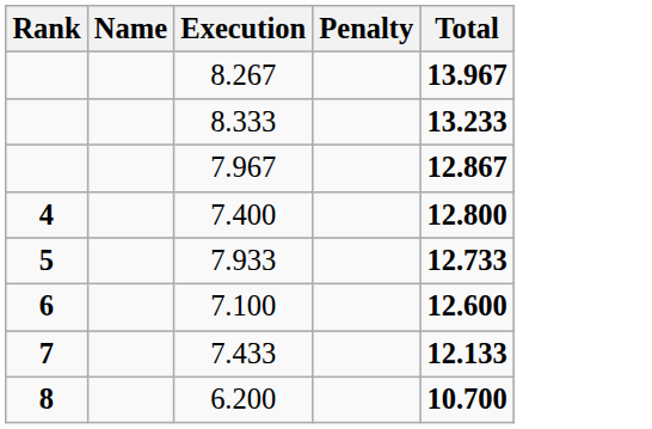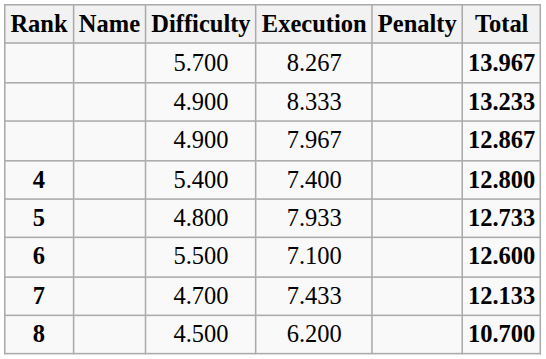 <table class="wikitable sortable" style="text-align:center">
 <tr>
 <th>Rank</th>
 <th>Name</th>
+<th>Difficulty</th>
 <th>Execution</th>
 <th>Penalty</th>
 <th>Total</th>
 </tr>
 <tr>
 <td></td>
 <td align="left"></td>
+<td>5.700</td>
 <td>8.267</td>
 <td></td>
 <td><strong>13.967</strong></td>
 </tr>
 <tr>
 <td></td>
 <td align="left"></td>
+<td>4.900</td>
 <td>8.333</td>
 <td></td>
 <td><strong>13.233</strong></td>
 </tr>
 <tr>
 <td></td>
 <td align="left"></td>
+<td>4.900</td>
 <td>7.967</td>
 <td></td>
 <td><strong>12.867</strong></td>
 </tr>
 <tr>
 <td><strong>4</strong></td>
 <td align="left"></td>
+<td>5.400</td>
 <td>7.400</td>
 <td></td>
 <td><strong>12.800</strong></td>
 </tr>
 <tr>
 <td><strong>5</strong></td>
 <td align="left"></td>
+<td>4.800</td>
 <td>7.933</td>
 <td></td>
 <td><strong>12.733</strong></td>
 </tr>
 <tr>
 <td><strong>6</strong></td>
 <td align="left"></td>
+<td>5.500</td>
 <td>7.100</td>
 <td></td>
 <td><strong>12.600</strong></td>
 </tr>
 <tr>
 <td><strong>7</strong></td>
 <td align="left"></td>
+<td>4.700</td>
 <td>7.433</td>
 <td></td>
 <td><strong>12.133</strong></td>
 </tr>
 <tr>
 <td><strong>8</strong></td>
 <td align="left"></td>
+<td>4.500</td>
 <td>6.200</td>
 <td></td>
 <td><strong>10.700</strong></td>
 </tr>
 </table>
